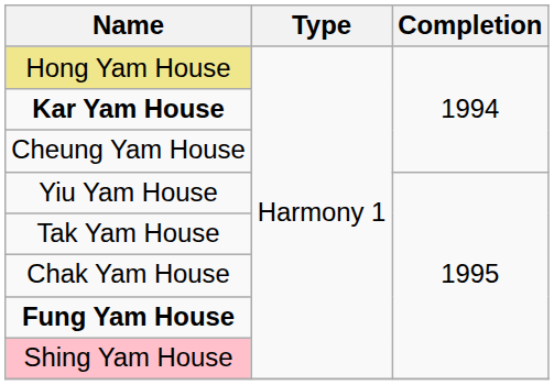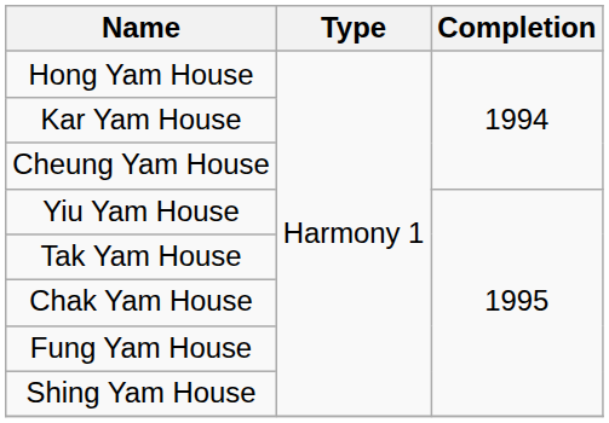 <table class="wikitable" style="text-align: center">
 <tr>
 <th>Name</th>
 <th>Type</th>
 <th>Completion</th>
 </tr>
 <tr>
-<td style="background: khaki;">Hong Yam House</td>
+<td>Hong Yam House</td>
 <td rowspan="8">Harmony 1</td>
 <td rowspan="3">1994</td>
 </tr>
 <tr>
-<td><strong>Kar Yam House</strong></td>
+<td>Kar Yam House</td>
 </tr>
 <tr>
 <td>Cheung Yam House</td>
 </tr>
 <tr>
 <td>Yiu Yam House</td>
 <td rowspan="5">1995</td>
 </tr>
 <tr>
 <td>Tak Yam House</td>
 </tr>
 <tr>
 <td>Chak Yam House</td>
 </tr>
 <tr>
-<td><strong>Fung Yam House</strong></td>
+<td>Fung Yam House</td>
 </tr>
 <tr>
-<td style="background: pink;">Shing Yam House</td>
+<td>Shing Yam House</td>
 </tr>
 <tr>
 </tr>
 </table>
